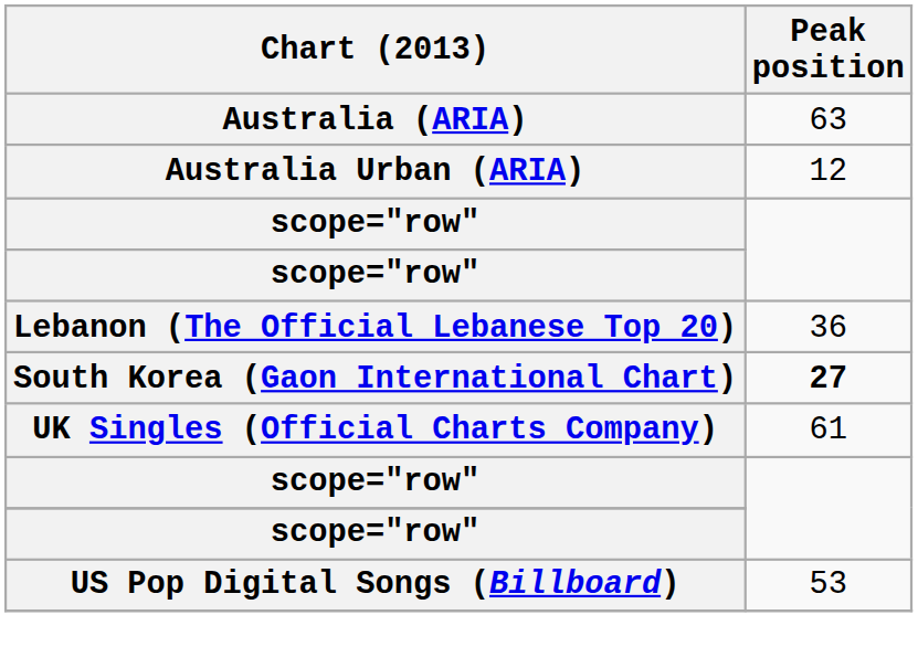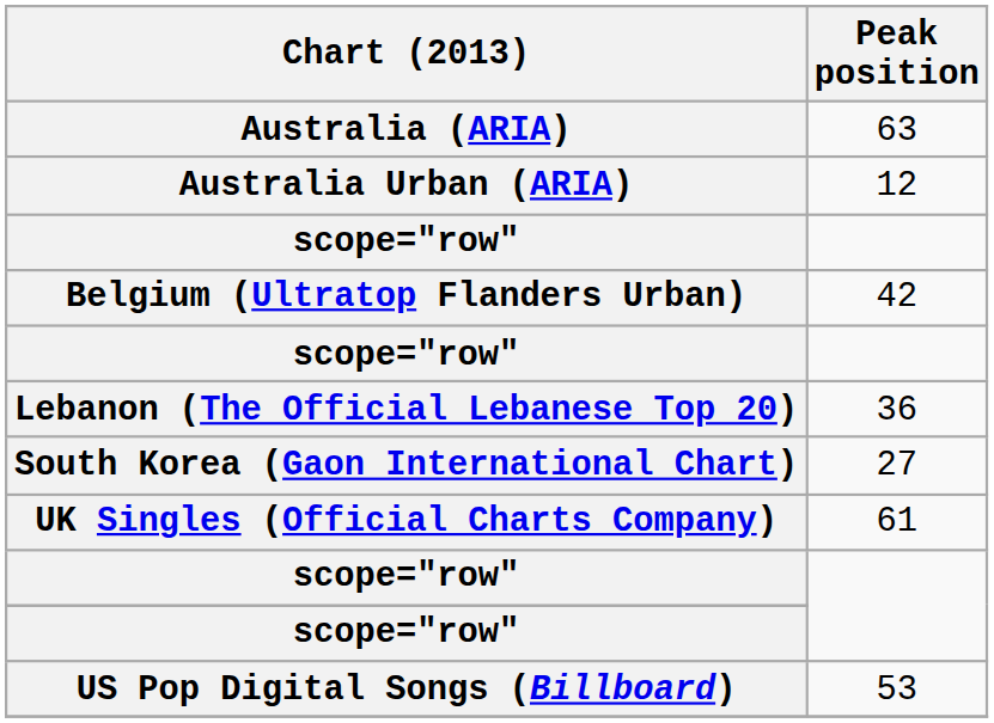 <table class="wikitable sortable plainrowheaders">
 <tr>
 <th>Chart (2013)</th>
 <th>Peak<br>position</th>
 </tr>
 <tr>
 <th scope="row">Australia (<a href='#'>ARIA</a>)</th>
 <td style="text-align:center;">63</td>
 </tr>
 <tr>
 <th scope="row">Australia Urban (<a href='#'>ARIA</a>)</th>
 <td style="text-align:center;">12</td>
 </tr>
 <tr>
 <th>scope="row" </th>
 </tr>
 <tr>
+<th scope="row">Belgium (<a href='#'>Ultratop</a> Flanders Urban)</th>
+<td style="text-align:center;">42</td>
+</tr>
+<tr>
 <th>scope="row" </th>
 </tr>
 <tr>
 <th scope="row">Lebanon (<a href='#'>The Official Lebanese Top 20</a>)</th>
 <td style="text-align:center;">36</td>
 </tr>
 <tr>
 <th scope="row">South Korea (<a href='#'>Gaon International Chart</a>)</th>
-<td style="text-align:center;"><strong>27</strong></td>
+<td style="text-align:center;">27</td>
 </tr>
 <tr>
 <th scope="row">UK <a href='#'>Singles</a> (<a href='#'>Official Charts Company</a>)</th>
 <td style="text-align:center;">61</td>
 </tr>
 <tr>
 <th>scope="row" </th>
 </tr>
 <tr>
 </tr>
 <tr>
 <th>scope="row" </th>
 </tr>
 <tr>
 <th scope="row">US Pop Digital Songs (<em><a href='#'>Billboard</a></em>)</th>
 <td style="text-align:center;">53</td>
 </tr>
 <tr>
 </tr>
 </table>
